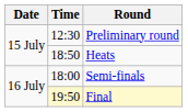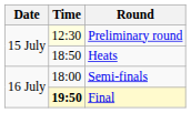 <table class="wikitable">
 <tr>
 <th>Date</th>
 <th>Time</th>
 <th>Round</th>
 </tr>
 <tr>
 <td rowspan=2>15 July</td>
-<td>12:30</td>
+<td style="background: lightyellow;">12:30</td>
 <td><a href='#'>Preliminary round</a></td>
 </tr>
 <tr>
 <td>18:50</td>
 <td><a href='#'>Heats</a></td>
 </tr>
 <tr>
 <td rowspan=2>16 July</td>
 <td>18:00</td>
 <td><a href='#'>Semi-finals</a></td>
 </tr>
 <tr style=background:lemonchiffon>
-<td>19:50</td>
+<td><strong>19:50</strong></td>
 <td><a href='#'>Final</a></td>
 </tr>
 </table>
